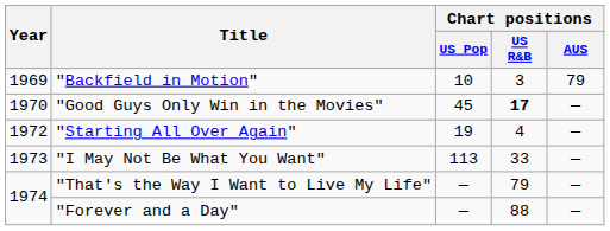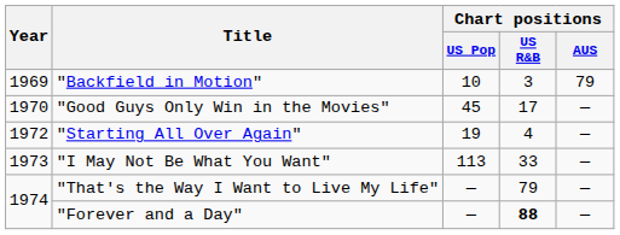 <table class="wikitable" style="text-align:center;">
 <tr>
 <th rowspan="2">Year</th>
 <th rowspan="2">Title</th>
 <th colspan="3">Chart positions</th>
 </tr>
 <tr style="font-size:smaller;">
 <th width="40"><a href='#'>US Pop</a><br></th>
 <th width="40"><a href='#'>US<br>R&B</a><br></th>
 <th width="40"><a href='#'>AUS</a><br></th>
 </tr>
 <tr>
 <td>1969</td>
 <td align="left">"<a href='#'>Backfield in Motion</a>"</td>
 <td>10</td>
 <td>3</td>
 <td>79</td>
 </tr>
 <tr>
 <td>1970</td>
 <td align="left">"Good Guys Only Win in the Movies"</td>
 <td>45</td>
-<td><strong>17</strong></td>
+<td>17</td>
 <td>—</td>
 </tr>
 <tr>
 <td>1972</td>
 <td align="left">"<a href='#'>Starting All Over Again</a>"</td>
 <td>19</td>
 <td>4</td>
 <td>—</td>
 </tr>
 <tr>
 <td>1973</td>
 <td align="left">"I May Not Be What You Want"</td>
 <td>113</td>
 <td>33</td>
 <td>—</td>
 </tr>
 <tr>
 <td rowspan="2">1974</td>
 <td align="left">"That's the Way I Want to Live My Life"</td>
 <td>—</td>
 <td>79</td>
 <td>—</td>
 </tr>
 <tr>
 <td align="left">"Forever and a Day"</td>
 <td>—</td>
-<td>88</td>
+<td><strong>88</strong></td>
 <td>—</td>
 </tr>
 </table>
